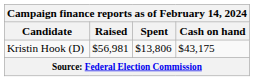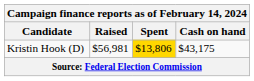 <table class="wikitable sortable">
 <tr>
 <th colspan=4>Campaign finance reports as of February 14, 2024</th>
 </tr>
 <tr style="text-align:center;">
 <th>Candidate</th>
 <th>Raised</th>
 <th>Spent</th>
 <th>Cash on hand</th>
 </tr>
 <tr>
 <td style="color:black;background-color:">Kristin Hook (D)</td>
 <td>$56,981</td>
-<td>$13,806</td>
+<td style="background: gold;">$13,806</td>
 <td>$43,175</td>
 </tr>
 <tr>
 <th colspan="4"><small>Source: <a href='#'>Federal Election Commission</a></small></th>
 </tr>
 </table>
